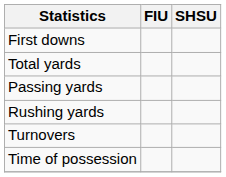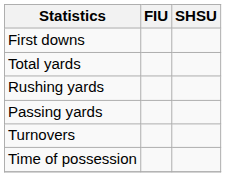 <table class="wikitable" style="float: left;">
 <tr>
 <th>Statistics</th>
 <th>FIU</th>
 <th>SHSU</th>
 </tr>
 <tr>
 <td>First downs</td>
 <td></td>
 <td></td>
 </tr>
 <tr>
 <td>Total yards</td>
 <td></td>
 <td></td>
 </tr>
 <tr>
-<td>Passing yards</td>
+<td>Rushing yards</td>
 <td></td>
 <td></td>
 </tr>
 <tr>
-<td>Rushing yards</td>
+<td>Passing yards</td>
 <td></td>
 <td></td>
 </tr>
 <tr>
 <td>Turnovers</td>
 <td></td>
 <td></td>
 </tr>
 <tr>
 <td>Time of possession</td>
 <td></td>
 <td></td>
 </tr>
 <tr>
 </tr>
 </table>
